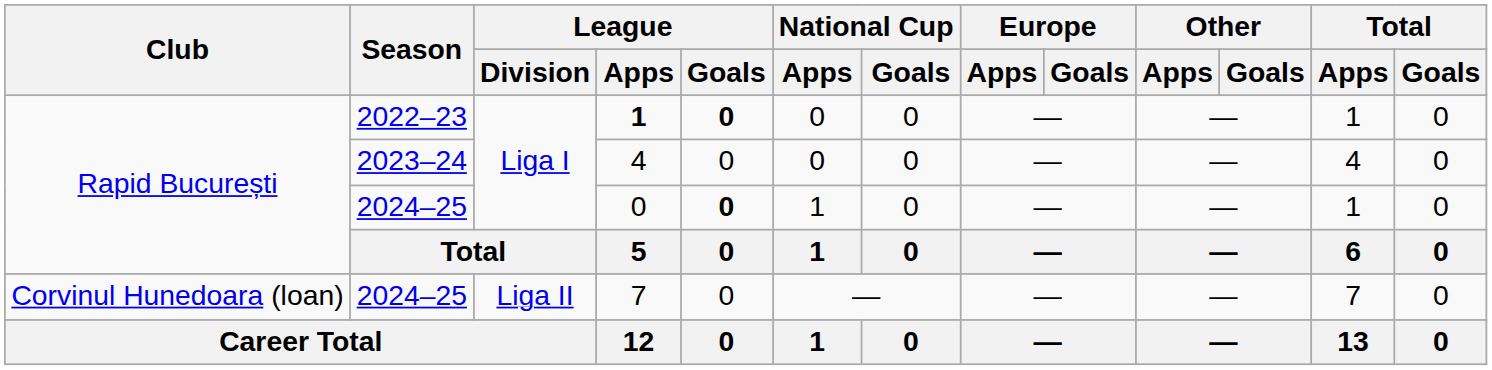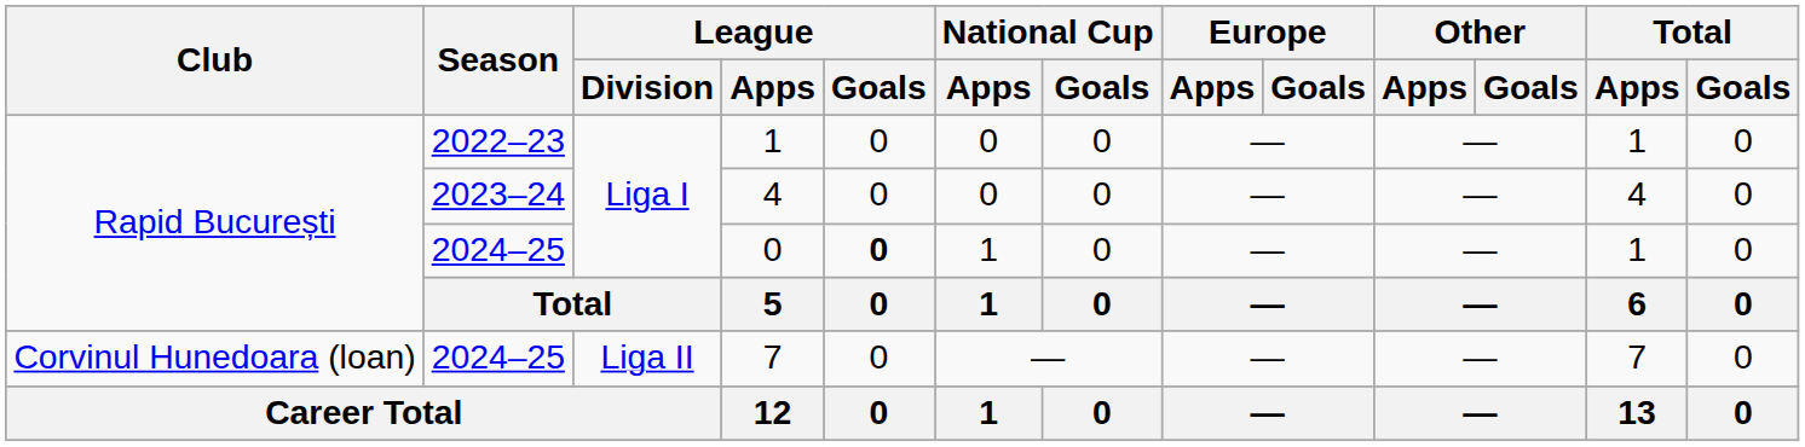 <table class=wikitable style=text-align:center>
 <tr>
 <th rowspan=2>Club</th>
 <th rowspan=2>Season</th>
 <th colspan=3>League</th>
 <th colspan=2>National Cup</th>
 <th colspan=2>Europe</th>
 <th colspan=2>Other</th>
 <th colspan=2>Total</th>
 </tr>
 <tr>
 <th>Division</th>
 <th>Apps</th>
 <th>Goals</th>
 <th>Apps</th>
 <th>Goals</th>
 <th>Apps</th>
 <th>Goals</th>
 <th>Apps</th>
 <th>Goals</th>
 <th>Apps</th>
 <th>Goals</th>
 </tr>
 <tr>
 <td rowspan="4"><a href='#'>Rapid București</a></td>
 <td><a href='#'>2022–23</a></td>
 <td rowspan="3"><a href='#'>Liga I</a></td>
-<td><strong>1</strong></td>
-<td><strong>0</strong></td>
+<td>1</td>
+<td>0</td>
 <td>0</td>
 <td>0</td>
 <td colspan=2>—</td>
 <td colspan=2>—</td>
 <td>1</td>
 <td>0</td>
 </tr>
 <tr>
 <td><a href='#'>2023–24</a></td>
 <td>4</td>
 <td>0</td>
 <td>0</td>
 <td>0</td>
 <td colspan=2>—</td>
 <td colspan=2>—</td>
 <td>4</td>
 <td>0</td>
 </tr>
 <tr>
 <td><a href='#'>2024–25</a></td>
 <td>0</td>
 <td><strong>0</strong></td>
 <td>1</td>
 <td>0</td>
 <td colspan=2>—</td>
 <td colspan=2>—</td>
 <td>1</td>
 <td>0</td>
 </tr>
 <tr>
 <th colspan="2">Total</th>
 <th>5</th>
 <th>0</th>
 <th>1</th>
 <th>0</th>
 <th colspan=2>—</th>
 <th colspan=2>—</th>
 <th>6</th>
 <th>0</th>
 </tr>
 <tr>
 <td rowspan="1"><a href='#'>Corvinul Hunedoara</a> (loan)</td>
 <td><a href='#'>2024–25</a></td>
 <td rowspan="1"><a href='#'>Liga II</a></td>
 <td>7</td>
 <td>0</td>
 <td colspan=2>—</td>
 <td colspan=2>—</td>
 <td colspan=2>—</td>
 <td>7</td>
 <td>0</td>
 </tr>
 <tr>
 <th colspan="3">Career Total</th>
 <th>12</th>
 <th>0</th>
 <th>1</th>
 <th>0</th>
 <th colspan=2>—</th>
 <th colspan=2>—</th>
 <th>13</th>
 <th>0</th>
 </tr>
 </table>
